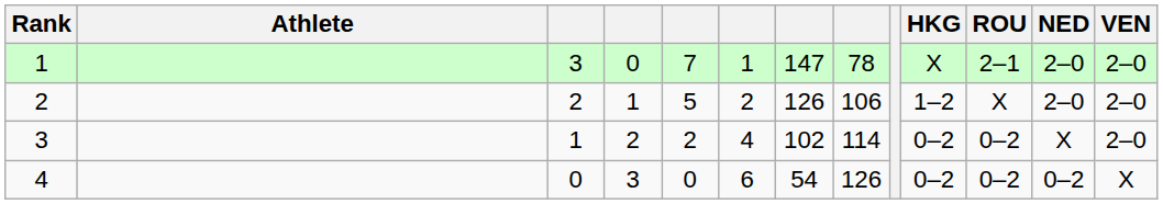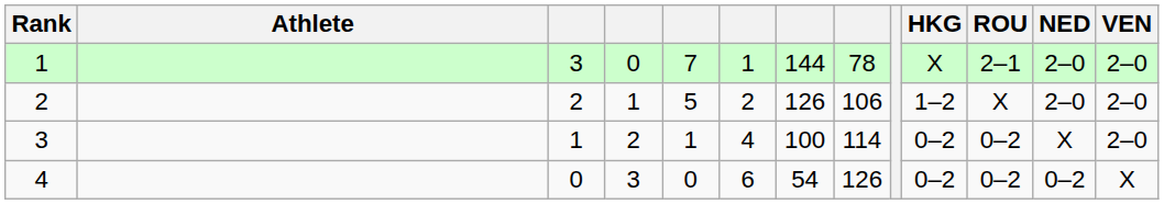 <table class="wikitable" style="text-align:center">
 <tr>
 <th width=40>Rank</th>
 <th width=300>Athlete</th>
 <th width=30></th>
 <th width=30></th>
 <th width=30></th>
 <th width=30></th>
 <th width=30></th>
 <th width=30></th>
 <th rowspan=5></th>
 <th width=30>HKG</th>
 <th width=30>ROU</th>
 <th width=30>NED</th>
 <th width=30>VEN</th>
 </tr>
 <tr style="background-color:#ccffcc;">
 <td>1</td>
 <td align=left></td>
 <td>3</td>
 <td>0</td>
 <td>7</td>
 <td>1</td>
-<td>147</td>
+<td>144</td>
 <td>78</td>
 <td>X</td>
 <td>2–1</td>
 <td>2–0</td>
 <td>2–0</td>
 </tr>
 <tr>
 <td>2</td>
 <td align=left></td>
 <td>2</td>
 <td>1</td>
 <td>5</td>
 <td>2</td>
 <td>126</td>
 <td>106</td>
 <td>1–2</td>
 <td>X</td>
 <td>2–0</td>
 <td>2–0</td>
 </tr>
 <tr>
 <td>3</td>
 <td align=left></td>
 <td>1</td>
 <td>2</td>
-<td>2</td>
+<td>1</td>
 <td>4</td>
-<td>102</td>
+<td>100</td>
 <td>114</td>
 <td>0–2</td>
 <td>0–2</td>
 <td>X</td>
 <td>2–0</td>
 </tr>
 <tr>
 <td>4</td>
 <td align=left></td>
 <td>0</td>
 <td>3</td>
 <td>0</td>
 <td>6</td>
 <td>54</td>
 <td>126</td>
 <td>0–2</td>
 <td>0–2</td>
 <td>0–2</td>
 <td>X</td>
 </tr>
 </table>
